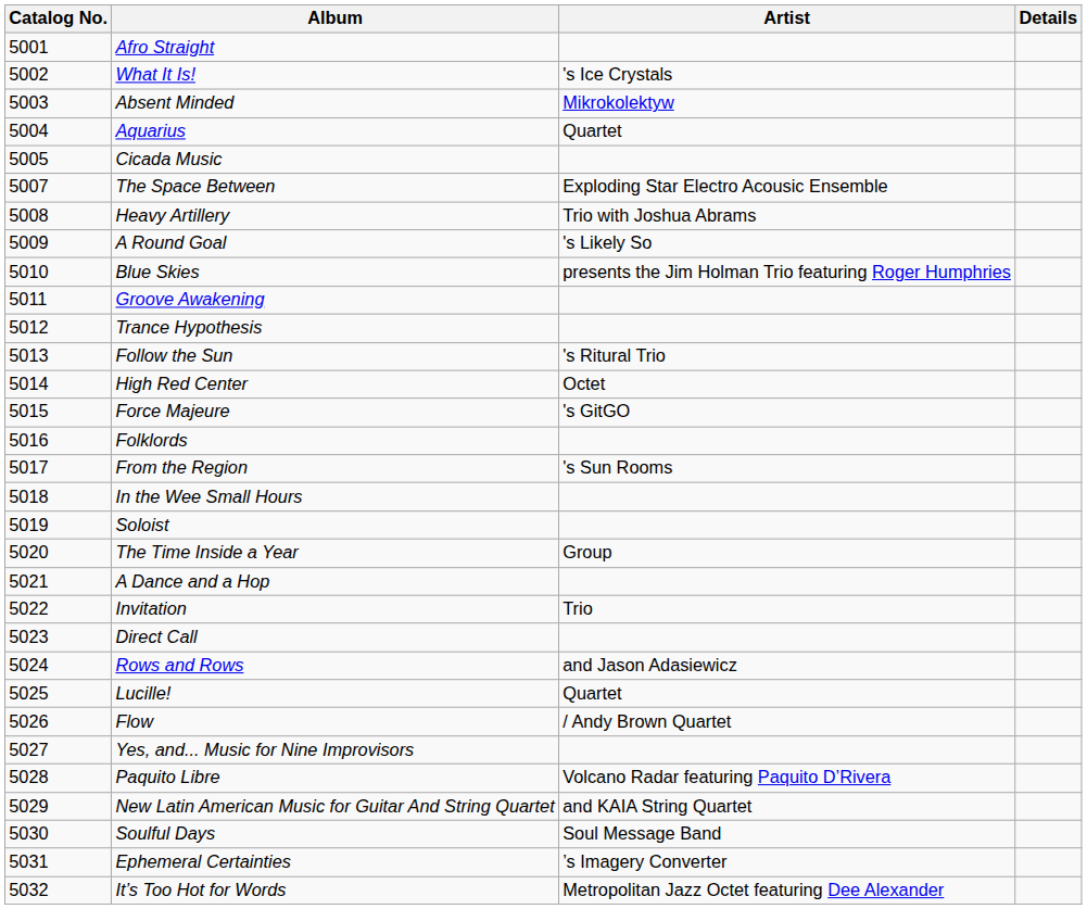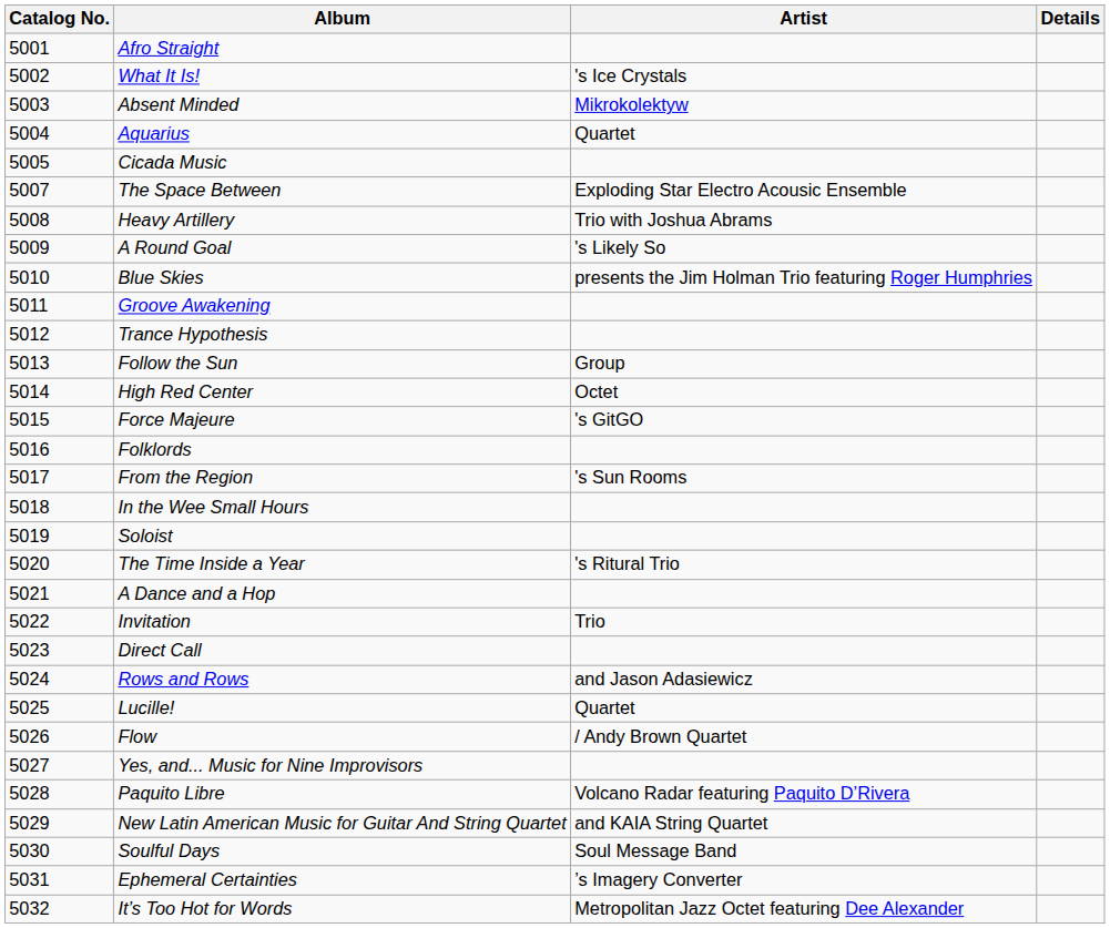 <table class="wikitable sortable">
 <tr>
 <th>Catalog No.</th>
 <th>Album</th>
 <th>Artist</th>
 <th>Details</th>
 </tr>
 <tr>
 <td>5001</td>
 <td><em><a href='#'>Afro Straight</a></em></td>
 <td></td>
 <td></td>
 </tr>
 <tr>
 <td>5002</td>
 <td><em><a href='#'>What It Is!</a></em></td>
 <td>'s Ice Crystals</td>
 <td></td>
 </tr>
 <tr>
 <td>5003</td>
 <td><em>Absent Minded</em></td>
 <td><a href='#'>Mikrokolektyw</a></td>
 <td></td>
 </tr>
 <tr>
 <td>5004</td>
 <td><em><a href='#'>Aquarius</a></em></td>
 <td> Quartet</td>
 <td></td>
 </tr>
 <tr>
 <td>5005</td>
 <td><em>Cicada Music</em></td>
 <td></td>
 <td></td>
 </tr>
 <tr>
 <td>5007</td>
 <td><em>The Space Between</em></td>
 <td> Exploding Star Electro Acousic Ensemble</td>
 <td></td>
 </tr>
 <tr>
 <td>5008</td>
 <td><em>Heavy Artillery</em></td>
 <td> Trio with Joshua Abrams</td>
 <td></td>
 </tr>
 <tr>
 <td>5009</td>
 <td><em>A Round Goal</em></td>
 <td>'s Likely So</td>
 <td></td>
 </tr>
 <tr>
 <td>5010</td>
 <td><em>Blue Skies</em></td>
 <td> presents the Jim Holman Trio featuring <a href='#'>Roger Humphries</a></td>
 <td></td>
 </tr>
 <tr>
 <td>5011</td>
 <td><em><a href='#'>Groove Awakening</a></em></td>
 <td></td>
 <td></td>
 </tr>
 <tr>
 <td>5012</td>
 <td><em>Trance Hypothesis</em></td>
 <td></td>
 <td></td>
 </tr>
 <tr>
 <td>5013</td>
 <td><em>Follow the Sun</em></td>
-<td>'s Ritural Trio</td>
+<td> Group</td>
 <td></td>
 </tr>
 <tr>
 <td>5014</td>
 <td><em>High Red Center</em></td>
 <td> Octet</td>
 <td></td>
 </tr>
 <tr>
 <td>5015</td>
 <td><em>Force Majeure</em></td>
 <td>'s GitGO</td>
 <td></td>
 </tr>
 <tr>
 <td>5016</td>
 <td><em>Folklords</em></td>
 <td></td>
 <td></td>
 </tr>
 <tr>
 <td>5017</td>
 <td><em>From the Region</em></td>
 <td>'s Sun Rooms</td>
 <td></td>
 </tr>
 <tr>
 <td>5018</td>
 <td><em>In the Wee Small Hours</em></td>
 <td></td>
 <td></td>
 </tr>
 <tr>
 <td>5019</td>
 <td><em>Soloist</em></td>
 <td></td>
 <td></td>
 </tr>
 <tr>
 <td>5020</td>
 <td><em>The Time Inside a Year</em></td>
-<td> Group</td>
+<td>'s Ritural Trio</td>
 <td></td>
 </tr>
 <tr>
 <td>5021</td>
 <td><em>A Dance and a Hop</em></td>
 <td></td>
 <td></td>
 </tr>
 <tr>
 <td>5022</td>
 <td><em>Invitation</em></td>
 <td> Trio</td>
 <td></td>
 </tr>
 <tr>
 <td>5023</td>
 <td><em>Direct Call</em></td>
 <td></td>
 <td></td>
 </tr>
 <tr>
 <td>5024</td>
 <td><em><a href='#'>Rows and Rows</a></em></td>
 <td> and Jason Adasiewicz</td>
 <td></td>
 </tr>
 <tr>
 <td>5025</td>
 <td><em>Lucille!</em></td>
 <td> Quartet</td>
 <td></td>
 </tr>
 <tr>
 <td>5026</td>
 <td><em>Flow</em></td>
 <td> / Andy Brown Quartet</td>
 <td></td>
 </tr>
 <tr>
 <td>5027</td>
 <td><em>Yes, and... Music for Nine Improvisors</em></td>
 <td></td>
 <td></td>
 </tr>
 <tr>
 <td>5028</td>
 <td><em>Paquito Libre</em></td>
 <td>Volcano Radar featuring <a href='#'>Paquito D’Rivera</a></td>
 <td></td>
 </tr>
 <tr>
 <td>5029</td>
 <td><em>New Latin American Music for Guitar And String Quartet</em></td>
 <td> and KAIA String Quartet</td>
 <td></td>
 </tr>
 <tr>
 <td>5030</td>
 <td><em>Soulful Days</em></td>
 <td>Soul Message Band</td>
 <td></td>
 </tr>
 <tr>
 <td>5031</td>
 <td><em>Ephemeral Certainties</em></td>
 <td>’s Imagery Converter</td>
 <td></td>
 </tr>
 <tr>
 <td>5032</td>
 <td><em>It’s Too Hot for Words</em></td>
 <td>Metropolitan Jazz Octet featuring <a href='#'>Dee Alexander</a></td>
 <td></td>
 </tr>
 <tr>
 </tr>
 </table>
